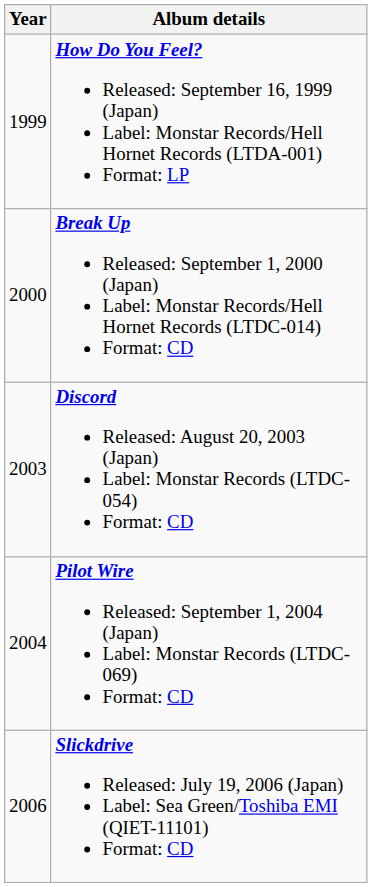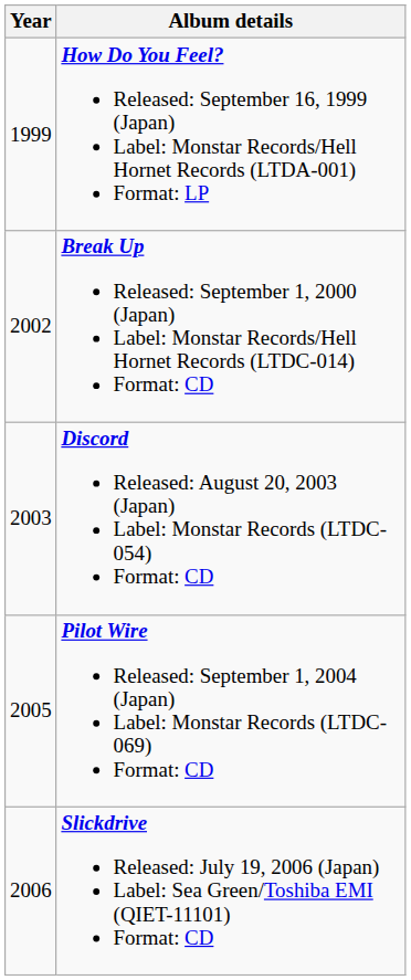 <table class="wikitable" border="1">
 <tr>
 <th>Year</th>
 <th width="260">Album details</th>
 </tr>
 <tr>
 <td>1999</td>
 <td><strong><em><a href='#'>How Do You Feel?</a></em></strong><br><ul><li>Released: September 16, 1999 (Japan)</li><li>Label: Monstar Records/Hell Hornet Records (LTDA-001)</li><li>Format: <a href='#'>LP</a></li></ul></td>
 </tr>
 <tr>
-<td>2000</td>
+<td>2002</td>
 <td><strong><em><a href='#'>Break Up</a></em></strong><br><ul><li>Released: September 1, 2000 (Japan)</li><li>Label: Monstar Records/Hell Hornet Records (LTDC-014)</li><li>Format: <a href='#'>CD</a></li></ul></td>
 </tr>
 <tr>
 <td>2003</td>
 <td><strong><em><a href='#'>Discord</a></em></strong><br><ul><li>Released: August 20, 2003 (Japan)</li><li>Label: Monstar Records (LTDC-054)</li><li>Format: <a href='#'>CD</a></li></ul></td>
 </tr>
 <tr>
-<td>2004</td>
+<td>2005</td>
 <td><strong><em><a href='#'>Pilot Wire</a></em></strong><br><ul><li>Released: September 1, 2004 (Japan)</li><li>Label: Monstar Records (LTDC-069)</li><li>Format: <a href='#'>CD</a></li></ul></td>
 </tr>
 <tr>
 <td>2006</td>
 <td><strong><em><a href='#'>Slickdrive</a></em></strong><br><ul><li>Released: July 19, 2006 (Japan)</li><li>Label: Sea Green/<a href='#'>Toshiba EMI</a> (QIET-11101)</li><li>Format: <a href='#'>CD</a></li></ul></td>
 </tr>
 </table>
